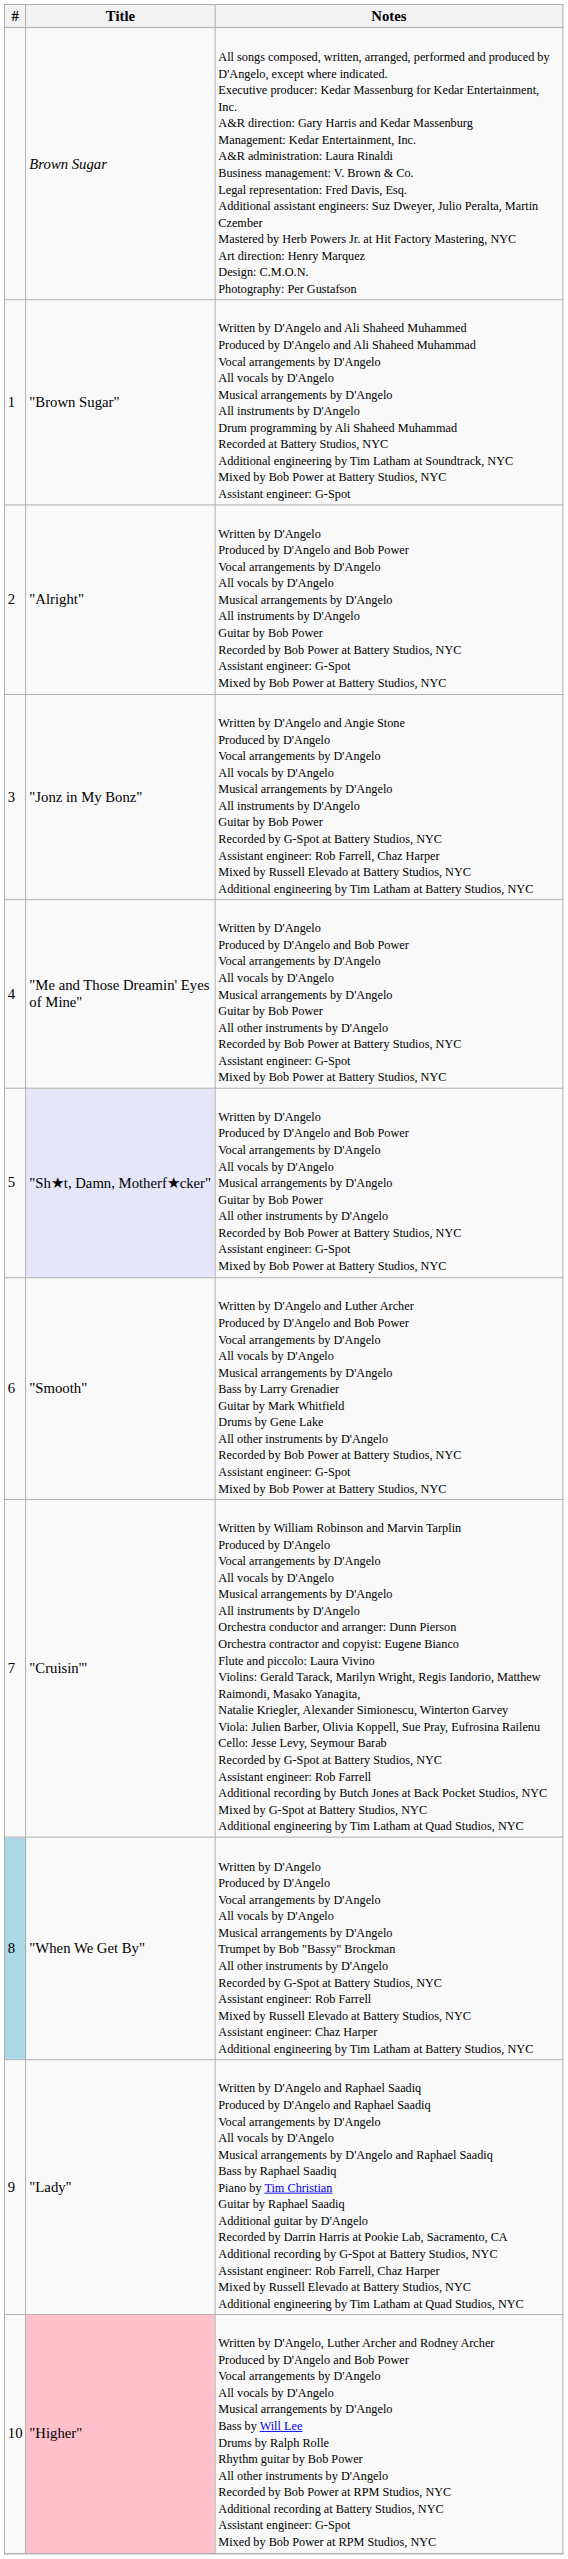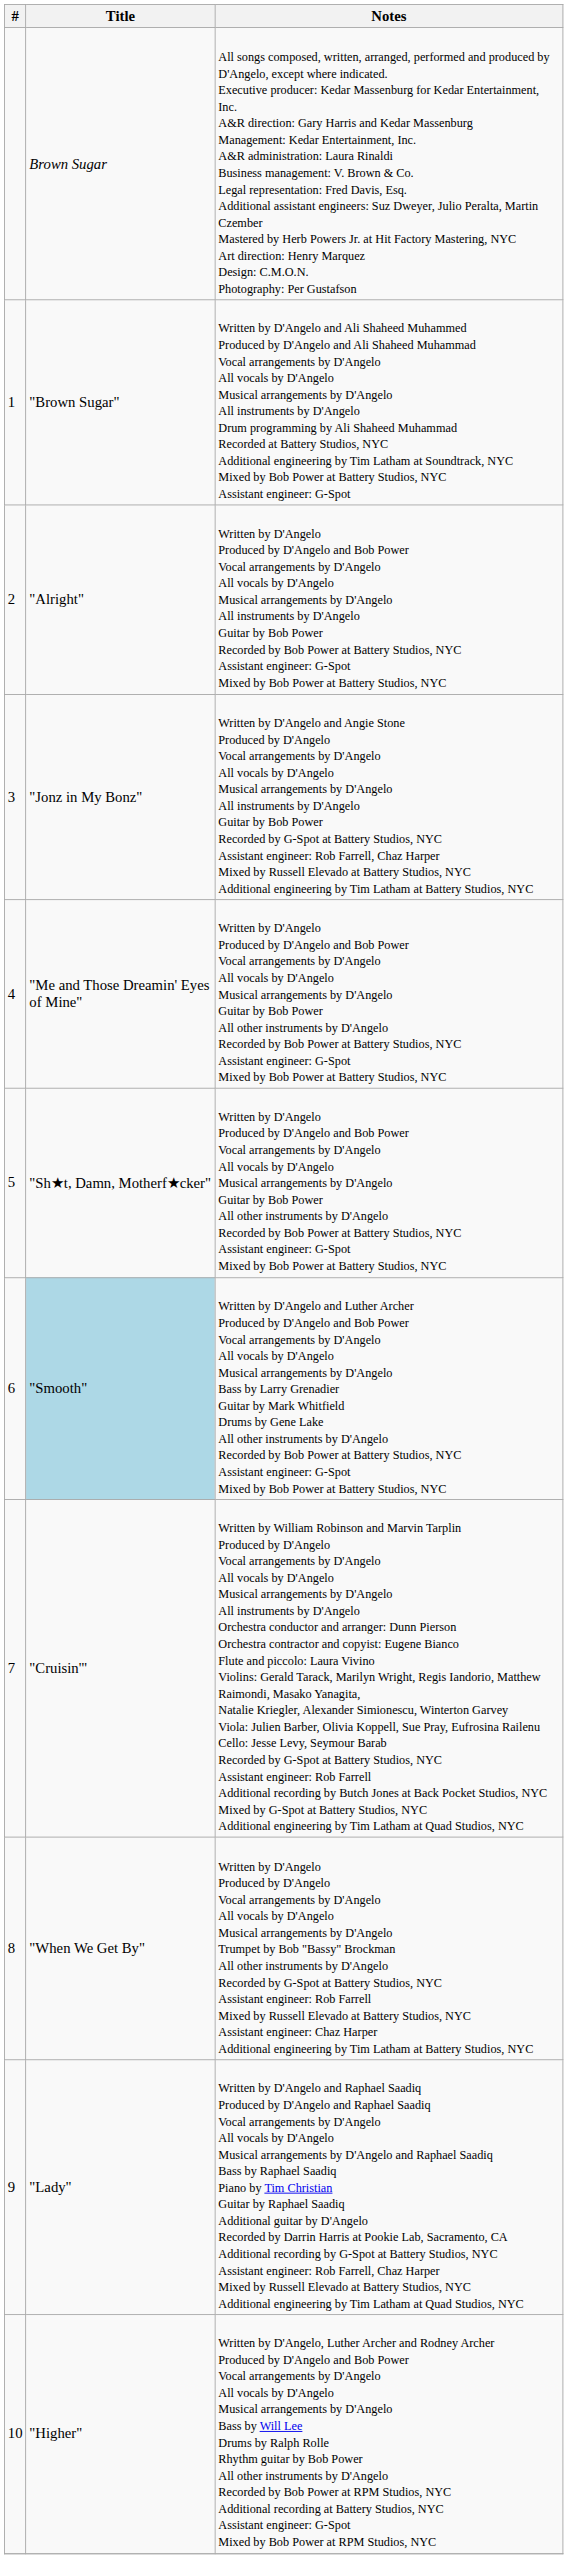 <table class="wikitable">
 <tr>
 <th>#</th>
 <th>Title</th>
 <th>Notes</th>
 </tr>
 <tr>
 <td></td>
 <td><em>Brown Sugar</em></td>
 <td><br><small>All songs composed, written, arranged, performed and produced by D'Angelo, except where indicated. <br>Executive producer: Kedar Massenburg for Kedar Entertainment, Inc. <br>A&R direction: Gary Harris and Kedar Massenburg <br>Management: Kedar Entertainment, Inc. <br>A&R administration: Laura Rinaldi <br>Business management: V. Brown & Co. <br>Legal representation: Fred Davis, Esq. <br>Additional assistant engineers: Suz Dweyer, Julio Peralta, Martin Czember <br>Mastered by Herb Powers Jr. at Hit Factory Mastering, NYC <br>Art direction: Henry Marquez <br>Design: C.M.O.N. <br>Photography: Per Gustafson</small></td>
 </tr>
 <tr>
 <td>1</td>
 <td>"Brown Sugar"</td>
 <td><br><small>Written by D'Angelo and Ali Shaheed Muhammed <br>Produced by D'Angelo and Ali Shaheed Muhammad <br>Vocal arrangements by D'Angelo <br>All vocals by D'Angelo <br>Musical arrangements by D'Angelo <br>All instruments by D'Angelo <br>Drum programming by Ali Shaheed Muhammad <br>Recorded at Battery Studios, NYC <br>Additional engineering by Tim Latham at Soundtrack, NYC <br>Mixed by Bob Power at Battery Studios, NYC <br>Assistant engineer: G-Spot</small></td>
 </tr>
 <tr>
 <td>2</td>
 <td>"Alright"</td>
 <td><br><small>Written by D'Angelo <br>Produced by D'Angelo and Bob Power <br>Vocal arrangements by D'Angelo <br>All vocals by D'Angelo <br>Musical arrangements by D'Angelo <br>All instruments by D'Angelo <br>Guitar by Bob Power <br>Recorded by Bob Power at Battery Studios, NYC <br>Assistant engineer: G-Spot <br>Mixed by Bob Power at Battery Studios, NYC</small></td>
 </tr>
 <tr>
 <td>3</td>
 <td>"Jonz in My Bonz"</td>
 <td><br><small>Written by D'Angelo and Angie Stone <br>Produced by D'Angelo <br>Vocal arrangements by D'Angelo <br>All vocals by D'Angelo <br>Musical arrangements by D'Angelo <br>All instruments by D'Angelo <br>Guitar by Bob Power <br>Recorded by G-Spot at Battery Studios, NYC <br>Assistant engineer: Rob Farrell, Chaz Harper <br>Mixed by Russell Elevado at Battery Studios, NYC <br>Additional engineering by Tim Latham at Battery Studios, NYC</small></td>
 </tr>
 <tr>
 <td>4</td>
 <td>"Me and Those Dreamin' Eyes of Mine"</td>
 <td><br><small>Written by D'Angelo <br>Produced by D'Angelo and Bob Power <br>Vocal arrangements by D'Angelo <br>All vocals by D'Angelo <br>Musical arrangements by D'Angelo <br>Guitar by Bob Power <br>All other instruments by D'Angelo <br>Recorded by Bob Power at Battery Studios, NYC <br>Assistant engineer: G-Spot <br>Mixed by Bob Power at Battery Studios, NYC</small></td>
 </tr>
 <tr>
 <td>5</td>
-<td style="background: lavender;">"Sh★t, Damn, Motherf★cker"</td>
+<td>"Sh★t, Damn, Motherf★cker"</td>
 <td><br><small>Written by D'Angelo <br>Produced by D'Angelo and Bob Power <br>Vocal arrangements by D'Angelo <br>All vocals by D'Angelo <br>Musical arrangements by D'Angelo <br>Guitar by Bob Power <br>All other instruments by D'Angelo <br>Recorded by Bob Power at Battery Studios, NYC <br>Assistant engineer: G-Spot <br>Mixed by Bob Power at Battery Studios, NYC</small></td>
 </tr>
 <tr>
 <td>6</td>
-<td>"Smooth"</td>
+<td style="background: lightblue;">"Smooth"</td>
 <td><br><small>Written by D'Angelo and Luther Archer <br>Produced by D'Angelo and Bob Power <br>Vocal arrangements by D'Angelo <br>All vocals by D'Angelo <br>Musical arrangements by D'Angelo <br>Bass by Larry Grenadier <br>Guitar by Mark Whitfield <br>Drums by Gene Lake <br>All other instruments by D'Angelo <br>Recorded by Bob Power at Battery Studios, NYC <br>Assistant engineer: G-Spot <br>Mixed by Bob Power at Battery Studios, NYC</small></td>
 </tr>
 <tr>
 <td>7</td>
 <td>"Cruisin'"</td>
 <td><br><small>Written by William Robinson and Marvin Tarplin <br>Produced by D'Angelo <br>Vocal arrangements by D'Angelo <br>All vocals by D'Angelo <br>Musical arrangements by D'Angelo <br>All instruments by D'Angelo <br>Orchestra conductor and arranger: Dunn Pierson <br>Orchestra contractor and copyist: Eugene Bianco <br>Flute and piccolo: Laura Vivino <br>Violins: Gerald Tarack, Marilyn Wright, Regis Iandorio, Matthew Raimondi, Masako Yanagita, <br>Natalie Kriegler, Alexander Simionescu, Winterton Garvey <br>Viola: Julien Barber, Olivia Koppell, Sue Pray, Eufrosina Railenu <br>Cello: Jesse Levy, Seymour Barab <br>Recorded by G-Spot at Battery Studios, NYC <br>Assistant engineer: Rob Farrell <br>Additional recording by Butch Jones at Back Pocket Studios, NYC <br>Mixed by G-Spot at Battery Studios, NYC <br>Additional engineering by Tim Latham at Quad Studios, NYC</small></td>
 </tr>
 <tr>
-<td style="background: lightblue;">8</td>
+<td>8</td>
 <td>"When We Get By"</td>
 <td><br><small>Written by D'Angelo <br>Produced by D'Angelo <br>Vocal arrangements by D'Angelo <br>All vocals by D'Angelo <br>Musical arrangements by D'Angelo <br>Trumpet by Bob "Bassy" Brockman <br>All other instruments by D'Angelo <br>Recorded by G-Spot at Battery Studios, NYC <br>Assistant engineer: Rob Farrell <br>Mixed by Russell Elevado at Battery Studios, NYC <br>Assistant engineer: Chaz Harper <br>Additional engineering by Tim Latham at Battery Studios, NYC</small></td>
 </tr>
 <tr>
 <td>9</td>
 <td>"Lady"</td>
 <td><br><small>Written by D'Angelo and Raphael Saadiq <br>Produced by D'Angelo and Raphael Saadiq <br>Vocal arrangements by D'Angelo <br>All vocals by D'Angelo <br>Musical arrangements by D'Angelo and Raphael Saadiq <br>Bass by Raphael Saadiq <br>Piano by <a href='#'>Tim Christian</a> <br>Guitar by Raphael Saadiq <br>Additional guitar by D'Angelo <br>Recorded by Darrin Harris at Pookie Lab, Sacramento, CA <br>Additional recording by G-Spot at Battery Studios, NYC <br>Assistant engineer: Rob Farrell, Chaz Harper <br>Mixed by Russell Elevado at Battery Studios, NYC <br> Additional engineering by Tim Latham at Quad Studios, NYC</small></td>
 </tr>
 <tr>
 <td>10</td>
-<td style="background: pink;">"Higher"</td>
+<td>"Higher"</td>
 <td><br><small>Written by D'Angelo, Luther Archer and Rodney Archer <br>Produced by D'Angelo and Bob Power <br>Vocal arrangements by D'Angelo <br>All vocals by D'Angelo <br>Musical arrangements by D'Angelo <br>Bass by <a href='#'>Will Lee</a> <br>Drums by Ralph Rolle <br>Rhythm guitar by Bob Power <br>All other instruments by D'Angelo <br>Recorded by Bob Power at RPM Studios, NYC <br>Additional recording at Battery Studios, NYC <br>Assistant engineer: G-Spot <br>Mixed by Bob Power at RPM Studios, NYC</small></td>
 </tr>
 <tr>
 </tr>
 </table>
